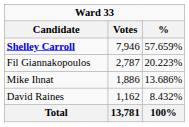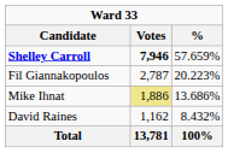 <table class="wikitable">
 <tr>
 <td Colspan="3" align="center"><strong>Ward 33</strong></td>
 </tr>
 <tr>
 <th bgcolor="#DDDDFF" width="150px">Candidate</th>
 <th bgcolor="#DDDDFF">Votes</th>
 <th bgcolor="#DDDDFF">%</th>
 </tr>
 <tr>
 <td><strong><a href='#'>Shelley Carroll</a></strong></td>
-<td align=right>7,946</td>
+<td align=right><strong>7,946</strong></td>
 <td align=right>57.659%</td>
 </tr>
 <tr>
 <td>Fil Giannakopoulos</td>
 <td align=right>2,787</td>
 <td align=right>20.223%</td>
 </tr>
 <tr>
 <td>Mike Ihnat</td>
-<td align=right>1,886</td>
+<td align=right style="background: khaki;">1,886</td>
 <td align=right>13.686%</td>
 </tr>
 <tr>
 <td>David Raines</td>
 <td align=right>1,162</td>
 <td align=right>8.432%</td>
 </tr>
 <tr>
 <th>Total</th>
 <th align=right>13,781</th>
 <th align=right>100%</th>
 </tr>
 </table>
